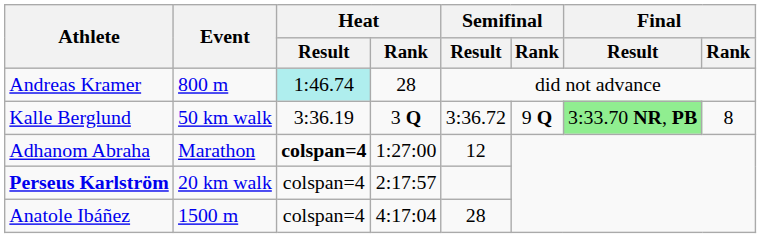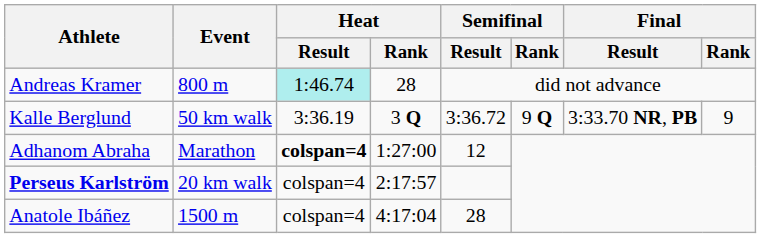 <table class="wikitable" style="font-size:90%">
 <tr>
 <th rowspan="2">Athlete</th>
 <th rowspan="2">Event</th>
 <th colspan="2">Heat</th>
 <th colspan="2">Semifinal</th>
 <th colspan="2">Final</th>
 </tr>
 <tr style="font-size:95%">
 <th>Result</th>
 <th>Rank</th>
 <th>Result</th>
 <th>Rank</th>
 <th>Result</th>
 <th>Rank</th>
 </tr>
 <tr align=center>
 <td align=left><a href='#'>Andreas Kramer</a></td>
 <td align=left><a href='#'>800 m</a></td>
 <td style="background: paleturquoise;">1:46.74</td>
 <td>28</td>
 <td colspan=4>did not advance</td>
 </tr>
 <tr align=center>
 <td align=left><a href='#'>Kalle Berglund</a></td>
 <td align=left><a href='#'>50 km walk</a></td>
 <td>3:36.19</td>
 <td>3 <strong>Q</strong></td>
 <td>3:36.72</td>
 <td>9 <strong>Q</strong></td>
-<td style="background: lightgreen;">3:33.70 <strong>NR</strong>, <strong>PB</strong></td>
-<td>8</td>
+<td>3:33.70 <strong>NR</strong>, <strong>PB</strong></td>
+<td>9</td>
 </tr>
 <tr align=center>
 <td align=left><a href='#'>Adhanom Abraha</a></td>
 <td align=left><a href='#'>Marathon</a></td>
 <td><strong>colspan=4 </strong></td>
 <td>1:27:00</td>
 <td>12</td>
 </tr>
 <tr align=center>
 <td align=left><strong><a href='#'>Perseus Karlström</a></strong></td>
 <td align=left><a href='#'>20 km walk</a></td>
 <td>colspan=4 </td>
 <td>2:17:57</td>
 <td></td>
 </tr>
 <tr align=center>
 <td align=left><a href='#'>Anatole Ibáñez</a></td>
 <td align=left><a href='#'>1500 m</a></td>
 <td>colspan=4 </td>
 <td>4:17:04</td>
 <td>28</td>
 </tr>
 </table>
